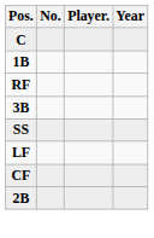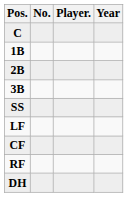 <table class="wikitable non-sortable">
 <tr>
 <th style="text-align:center; ">Pos.</th>
 <th style="text-align:center; ">No.</th>
 <th style="text-align:center; ">Player.</th>
 <th style="text-align:center; ">Year</th>
 </tr>
 <tr style="background:#eeeeee;text-align:center;">
 <td><strong>C</strong></td>
 <td></td>
 <td></td>
 <td></td>
 </tr>
 <tr style="text-align:center;">
 <td><strong>1B</strong></td>
 <td></td>
 <td></td>
 <td></td>
 </tr>
-<tr style="text-align:center;">
-<td><strong>RF</strong></td>
+<tr style="background:#eeeeee;text-align:center;">
+<td><strong>2B</strong></td>
 <td></td>
 <td></td>
 <td></td>
 </tr>
 <tr style="text-align:center;">
 <td><strong>3B</strong></td>
 <td></td>
 <td></td>
 <td></td>
 </tr>
 <tr style="background:#eeeeee;text-align:center;">
 <td><strong>SS</strong></td>
 <td></td>
 <td></td>
 <td></td>
 </tr>
 <tr style="text-align:center;">
 <td><strong>LF</strong></td>
 <td></td>
 <td></td>
 <td></td>
 </tr>
 <tr style="background:#eeeeee;text-align:center;">
 <td><strong>CF</strong></td>
 <td></td>
 <td></td>
 <td></td>
 </tr>
+<tr style="text-align:center;">
+<td><strong>RF</strong></td>
+<td></td>
+<td></td>
+<td></td>
+</tr>
 <tr style="background:#eeeeee;text-align:center;">
-<td><strong>2B</strong></td>
+<td><strong>DH</strong></td>
 <td></td>
 <td></td>
 <td></td>
 </tr>
 </table>
